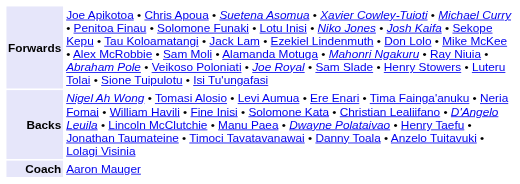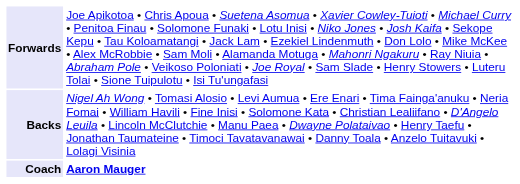 <table cellpadding="2" style="border: 1px solid white; font-size:90%">
 <tr>
 <td style="text-align:right;" bgcolor="lavender"><strong>Forwards</strong></td>
 <td style="text-align:left;"><a href='#'>Joe Apikotoa</a> • <a href='#'>Chris Apoua</a> • <em><a href='#'>Suetena Asomua</a></em> • <em><a href='#'>Xavier Cowley-Tuioti</a></em> • <em><a href='#'>Michael Curry</a></em> • <a href='#'>Penitoa Finau</a> • <a href='#'>Solomone Funaki</a> • <a href='#'>Lotu Inisi</a> • <em><a href='#'>Niko Jones</a></em> • <em><a href='#'>Josh Kaifa</a></em> • <a href='#'>Sekope Kepu</a> • <a href='#'>Tau Koloamatangi</a> • <a href='#'>Jack Lam</a> • <a href='#'>Ezekiel Lindenmuth</a> • <a href='#'>Don Lolo</a> • <a href='#'>Mike McKee</a> • <a href='#'>Alex McRobbie</a> • <a href='#'>Sam Moli</a> • <a href='#'>Alamanda Motuga</a> • <em><a href='#'>Mahonri Ngakuru</a></em> • <a href='#'>Ray Niuia</a> • <em><a href='#'>Abraham Pole</a></em> • <a href='#'>Veikoso Poloniati</a> • <em><a href='#'>Joe Royal</a></em> • <a href='#'>Sam Slade</a> • <a href='#'>Henry Stowers</a> • <a href='#'>Luteru Tolai</a> • <a href='#'>Sione Tuipulotu</a> • <a href='#'>Isi Tu'ungafasi</a></td>
 </tr>
 <tr>
 <td style="text-align:right;" bgcolor="lavender"><strong>Backs</strong></td>
 <td style="text-align:left;"><em><a href='#'>Nigel Ah Wong</a></em> • <a href='#'>Tomasi Alosio</a> • <a href='#'>Levi Aumua</a> • <a href='#'>Ere Enari</a> • <a href='#'>Tima Fainga'anuku</a> • <a href='#'>Neria Fomai</a> • <a href='#'>William Havili</a> • <a href='#'>Fine Inisi</a> • <a href='#'>Solomone Kata</a> • <a href='#'>Christian Lealiifano</a> • <em><a href='#'>D'Angelo Leuila</a></em> • <a href='#'>Lincoln McClutchie</a> • <a href='#'>Manu Paea</a> • <em><a href='#'>Dwayne Polataivao</a></em> • <a href='#'>Henry Taefu</a> • <a href='#'>Jonathan Taumateine</a> • <a href='#'>Timoci Tavatavanawai</a> • <a href='#'>Danny Toala</a> • <a href='#'>Anzelo Tuitavuki</a> • <a href='#'>Lolagi Visinia</a></td>
 </tr>
 <tr>
 <td style="text-align:right;" bgcolor="lavender"><strong>Coach</strong></td>
-<td style="text-align:left;"><a href='#'>Aaron Mauger</a></td>
+<td style="text-align:left;"><strong><a href='#'>Aaron Mauger</a></strong></td>
 </tr>
 </table>
